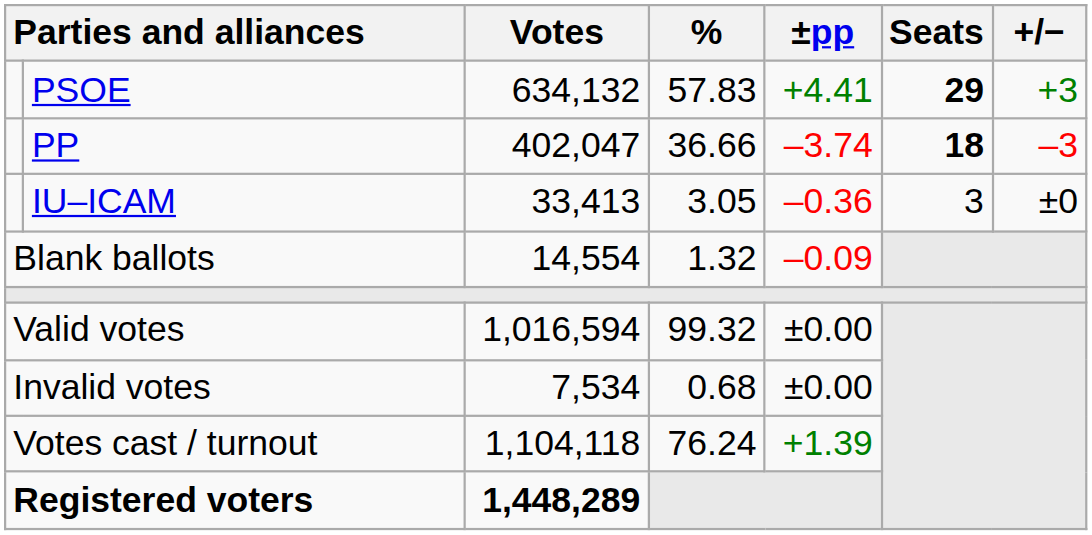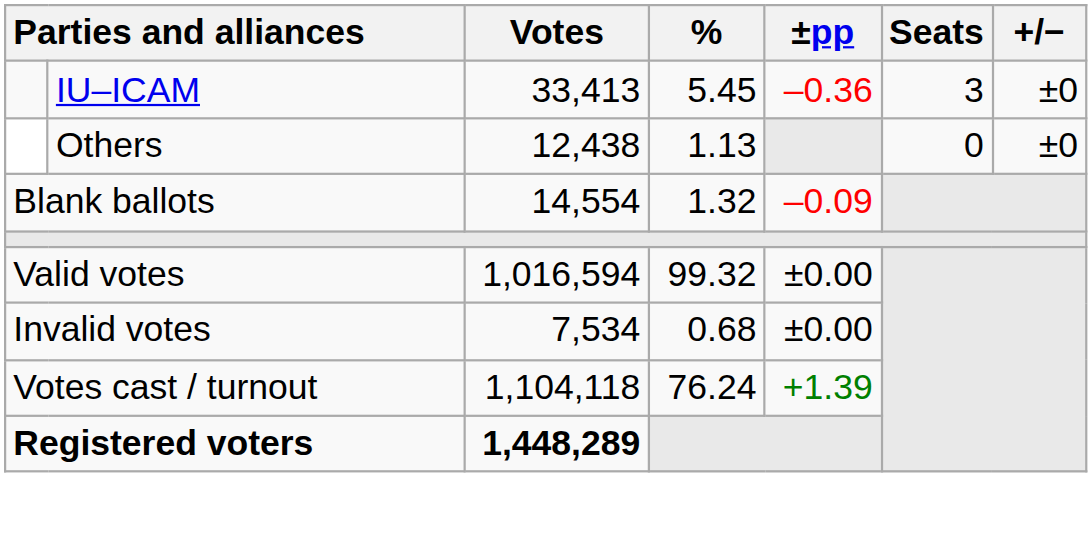 <table class="wikitable" style="text-align:right;">
 <tr>
 <th style="text-align:left;" colspan="2" width="200">Parties and alliances</th>
 <th width="75">Votes</th>
 <th width="45">%</th>
 <th width="45">±<a href='#'>pp</a></th>
 <th width="35">Seats</th>
 <th width="35">+/−</th>
 </tr>
 <tr>
-<td width="1" style="color:inherit;background:"></td>
-<td align="left"><a href='#'>PSOE</a></td>
-<td>634,132</td>
-<td>57.83</td>
-<td style="color:green;">+4.41</td>
-<td><strong>29</strong></td>
-<td style="color:green;">+3</td>
-</tr>
-<tr>
-<td style="color:inherit;background:"></td>
-<td align="left"><a href='#'>PP</a></td>
-<td>402,047</td>
-<td>36.66</td>
-<td style="color:red;">–3.74</td>
-<td><strong>18</strong></td>
-<td style="color:red;">–3</td>
-</tr>
-<tr>
 <td style="color:inherit;background:"></td>
 <td align="left"><a href='#'>IU–ICAM</a></td>
 <td>33,413</td>
-<td>3.05</td>
+<td>5.45</td>
 <td style="color:red;">–0.36</td>
 <td>3</td>
+<td>±0</td>
+</tr>
+<tr>
+<td bgcolor="white"></td>
+<td align="left">Others</td>
+<td>12,438</td>
+<td>1.13</td>
+<td bgcolor="#E9E9E9"></td>
+<td>0</td>
 <td>±0</td>
 </tr>
 <tr>
 <td align="left" colspan="2">Blank ballots</td>
 <td>14,554</td>
 <td>1.32</td>
 <td style="color:red;">–0.09</td>
 <td bgcolor="#E9E9E9" colspan="2"></td>
 </tr>
 <tr>
 <td colspan="7" bgcolor="#E9E9E9"></td>
 </tr>
 <tr>
 <td align="left" colspan="2">Valid votes</td>
 <td>1,016,594</td>
 <td>99.32</td>
 <td>±0.00</td>
 <td bgcolor="#E9E9E9" colspan="2" rowspan="4"></td>
 </tr>
 <tr>
 <td align="left" colspan="2">Invalid votes</td>
 <td>7,534</td>
 <td>0.68</td>
 <td>±0.00</td>
 </tr>
 <tr>
 <td align="left" colspan="2">Votes cast / turnout</td>
 <td>1,104,118</td>
 <td>76.24</td>
 <td style="color:green;">+1.39</td>
 </tr>
 <tr style="font-weight:bold;">
 <td align="left" colspan="2">Registered voters</td>
 <td>1,448,289</td>
 <td bgcolor="#E9E9E9" colspan="2"></td>
 </tr>
 </table>
